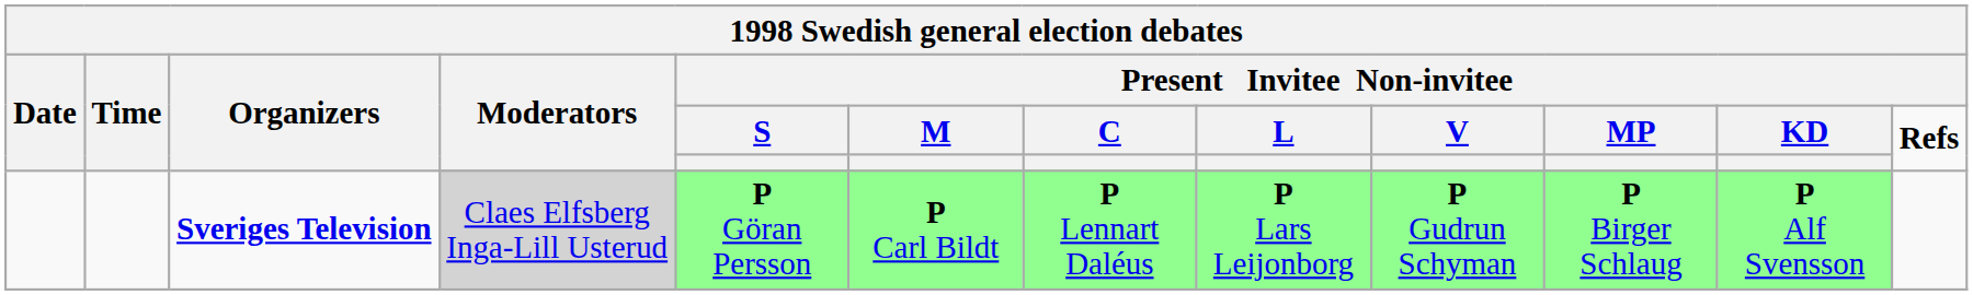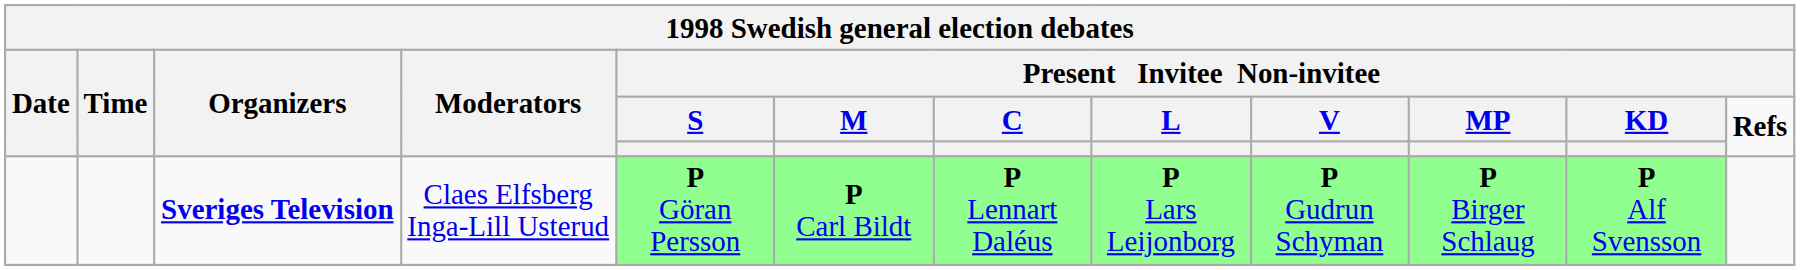 <table class="wikitable" style="font-size:85%; line-height:15px; text-align:center;">
 <tr>
 <th colspan="12">1998 Swedish general election debates</th>
 </tr>
 <tr>
 <th rowspan="3">Date</th>
 <th rowspan="3">Time</th>
 <th rowspan="3">Organizers</th>
 <th rowspan="3">Moderators</th>
 <th colspan="8"> Present    Invitee  Non-invitee </th>
 </tr>
 <tr>
 <th scope="col" style="width:5em;"><a href='#'>S</a></th>
 <th scope="col" style="width:5em;"><a href='#'>M</a></th>
 <th scope="col" style="width:5em;"><a href='#'>C</a></th>
 <th scope="col" style="width:5em;"><a href='#'>L</a></th>
 <th scope="col" style="width:5em;"><a href='#'>V</a></th>
 <th scope="col" style="width:5em;"><a href='#'>MP</a></th>
 <th scope="col" style="width:5em;"><a href='#'>KD</a></th>
 <td rowspan="2"><strong>Refs</strong></td>
 </tr>
 <tr>
 <th style="background:"></th>
 <th style="background:"></th>
 <th style="background:"></th>
 <th style="background:"></th>
 <th style="background:"></th>
 <th style="background:"></th>
 <th style="background:"></th>
 </tr>
 <tr>
 <td></td>
 <td></td>
 <td><strong><a href='#'>Sveriges Television</a></strong></td>
-<td style="background: lightgrey;"><a href='#'>Claes Elfsberg</a><br><a href='#'>Inga-Lill Usterud</a></td>
+<td><a href='#'>Claes Elfsberg</a><br><a href='#'>Inga-Lill Usterud</a></td>
 <td style="background:#90FF90"><strong>P</strong><br><a href='#'>Göran Persson</a></td>
 <td style="background:#90FF90"><strong>P</strong><br><a href='#'>Carl Bildt</a></td>
 <td style="background:#90FF90"><strong>P</strong><br><a href='#'>Lennart Daléus</a></td>
 <td style="background:#90FF90"><strong>P</strong><br><a href='#'>Lars Leijonborg</a></td>
 <td style="background:#90FF90"><strong>P</strong><br><a href='#'>Gudrun Schyman</a></td>
 <td style="background:#90FF90"><strong>P</strong><br><a href='#'>Birger Schlaug</a></td>
 <td style="background:#90FF90"><strong>P</strong><br><a href='#'>Alf Svensson</a></td>
 <td></td>
 </tr>
 </table>
